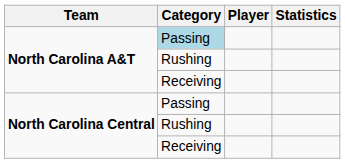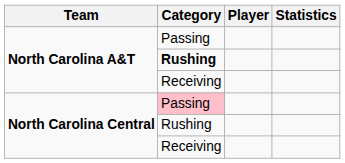 <table class="wikitable" style="float: right;">
 <tr>
 <th>Team</th>
 <th>Category</th>
 <th>Player</th>
 <th>Statistics</th>
 </tr>
 <tr>
 <td rowspan=3><strong>North Carolina A&T</strong></td>
-<td style="background: lightblue;">Passing</td>
+<td>Passing</td>
 <td></td>
 <td></td>
 </tr>
 <tr>
-<td>Rushing</td>
+<td><strong>Rushing</strong></td>
 <td></td>
 <td></td>
 </tr>
 <tr>
 <td>Receiving</td>
 <td></td>
 <td></td>
 </tr>
 <tr>
 <td rowspan=3><strong>North Carolina Central</strong></td>
-<td>Passing</td>
+<td style="background: pink;">Passing</td>
 <td></td>
 <td></td>
 </tr>
 <tr>
 <td>Rushing</td>
 <td></td>
 <td></td>
 </tr>
 <tr>
 <td>Receiving</td>
 <td></td>
 <td></td>
 </tr>
 </table>
